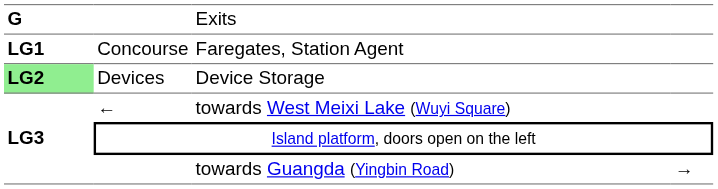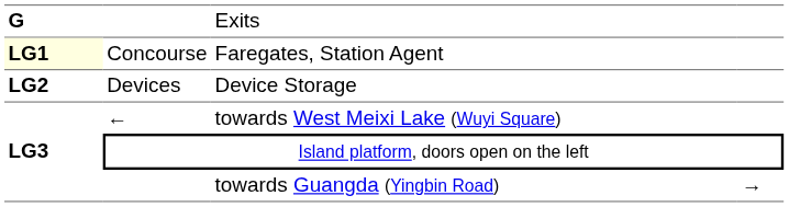 <table table border=0 cellspacing=0 cellpadding=3>
 <tr>
 <td style="border-bottom:solid 1px gray; border-top:solid 1px gray;" valign=top><strong>G</strong></td>
 <td style="border-bottom:solid 1px gray; border-top:solid 1px gray;" valign=top></td>
 <td style="border-bottom:solid 1px gray; border-top:solid 1px gray;" valign=top>Exits</td>
 <td style="border-bottom:solid 1px gray; border-top:solid 1px gray;" valign=top></td>
 </tr>
 <tr>
-<td style="border-bottom:solid 1px gray;" width=70><strong>LG1</strong></td>
+<td style="background: lightyellow; border-bottom:solid 1px gray;" width=70><strong>LG1</strong></td>
 <td style="border-bottom:solid 1px gray;" width=70>Concourse</td>
 <td style="border-bottom:solid 1px gray;" width=400>Faregates, Station Agent</td>
 <td style="border-bottom:solid 1px gray;" width=30></td>
 </tr>
 <tr>
-<td style="background: lightgreen; border-bottom:solid 1px gray;" width=70><strong>LG2</strong></td>
+<td style="border-bottom:solid 1px gray;" width=70><strong>LG2</strong></td>
 <td style="border-bottom:solid 1px gray;" width=70>Devices</td>
 <td style="border-bottom:solid 1px gray;" width=400>Device Storage</td>
 <td style="border-bottom:solid 1px gray;" width=30></td>
 </tr>
 <tr>
 <td style="border-bottom:solid 1px gray;" rowspan=3><strong>LG3</strong></td>
 <td>←</td>
 <td> towards <a href='#'>West Meixi Lake</a> <small>(<a href='#'>Wuyi Square</a>)</small></td>
 <td></td>
 </tr>
 <tr>
 <td style="border-right:solid 2px black;border-left:solid 2px black;border-top:solid 2px black;border-bottom:solid 2px black;text-align:center;" colspan=3><small><a href='#'>Island platform</a>, doors open on the left</small></td>
 </tr>
 <tr>
 <td style="border-bottom:solid 1px gray;"></td>
 <td style="border-bottom:solid 1px gray;"> towards <a href='#'>Guangda</a> <small>(<a href='#'>Yingbin Road</a>)</small></td>
 <td style="border-bottom:solid 1px gray;">→</td>
 </tr>
 <tr>
 </tr>
 </table>
